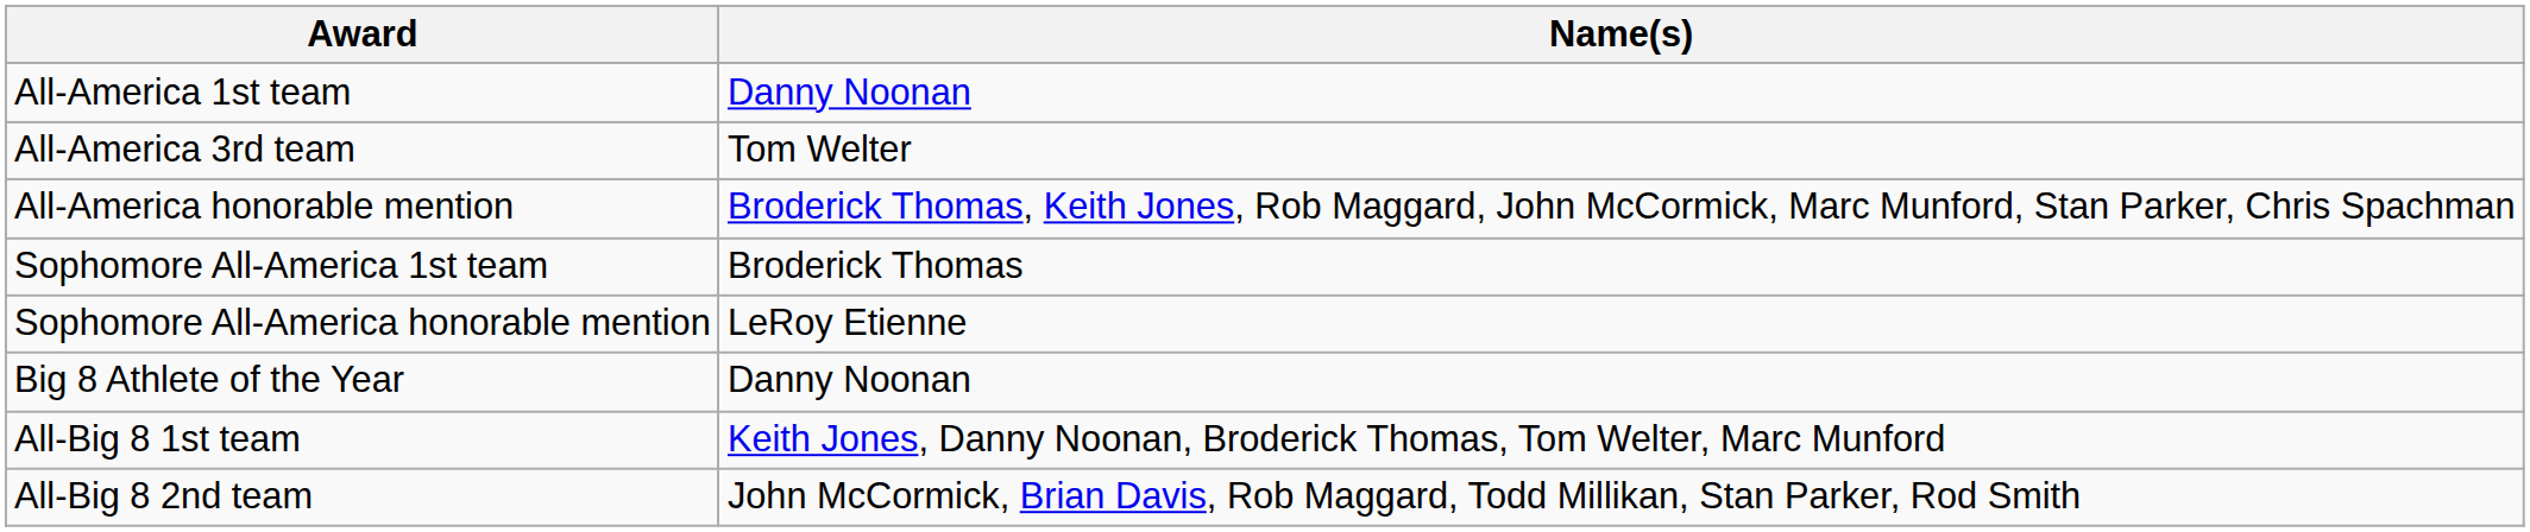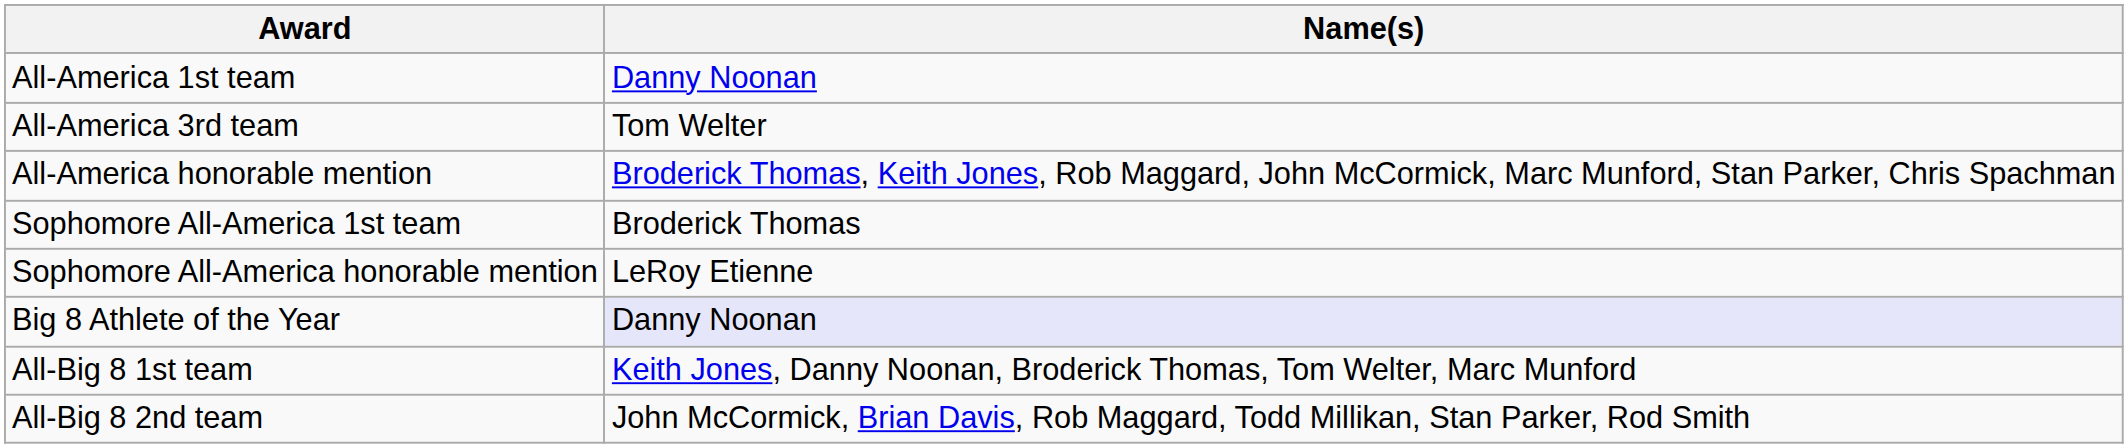 <table class="wikitable">
 <tr>
 <th>Award</th>
 <th>Name(s)</th>
 </tr>
 <tr>
 <td>All-America 1st team</td>
 <td><a href='#'>Danny Noonan</a></td>
 </tr>
 <tr>
 <td>All-America 3rd team</td>
 <td>Tom Welter</td>
 </tr>
 <tr>
 <td>All-America honorable mention</td>
 <td><a href='#'>Broderick Thomas</a>, <a href='#'>Keith Jones</a>, Rob Maggard, John McCormick, Marc Munford, Stan Parker, Chris Spachman</td>
 </tr>
 <tr>
 <td>Sophomore All-America 1st team</td>
 <td>Broderick Thomas</td>
 </tr>
 <tr>
 <td>Sophomore All-America honorable mention</td>
 <td>LeRoy Etienne</td>
 </tr>
 <tr>
 <td>Big 8 Athlete of the Year</td>
-<td>Danny Noonan</td>
+<td style="background: lavender;">Danny Noonan</td>
 </tr>
 <tr>
 <td>All-Big 8 1st team</td>
 <td><a href='#'>Keith Jones</a>, Danny Noonan, Broderick Thomas, Tom Welter, Marc Munford</td>
 </tr>
 <tr>
 <td>All-Big 8 2nd team</td>
 <td>John McCormick, <a href='#'>Brian Davis</a>, Rob Maggard, Todd Millikan, Stan Parker, Rod Smith</td>
 </tr>
 </table>
